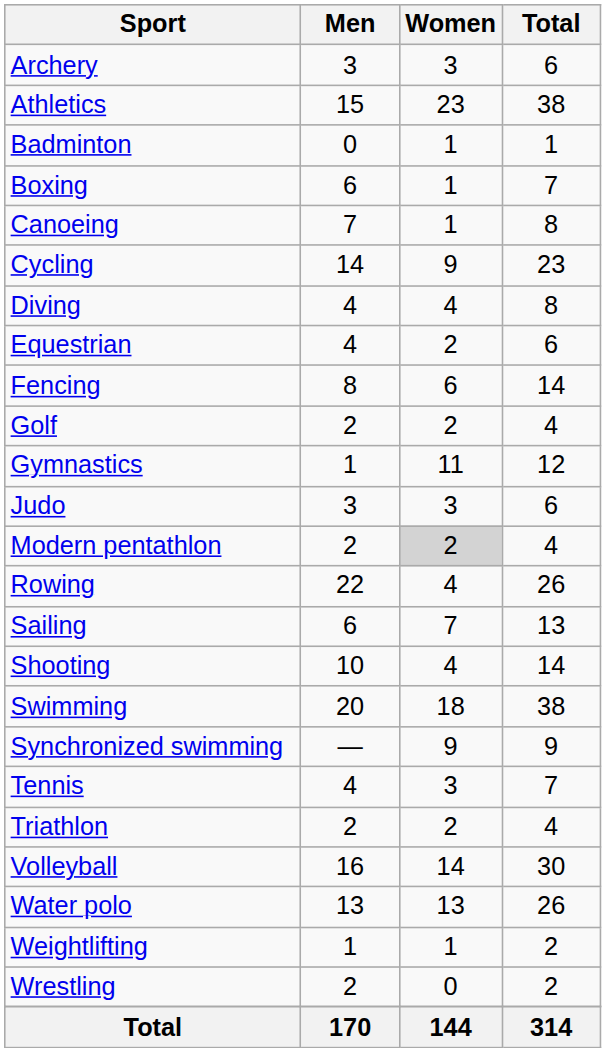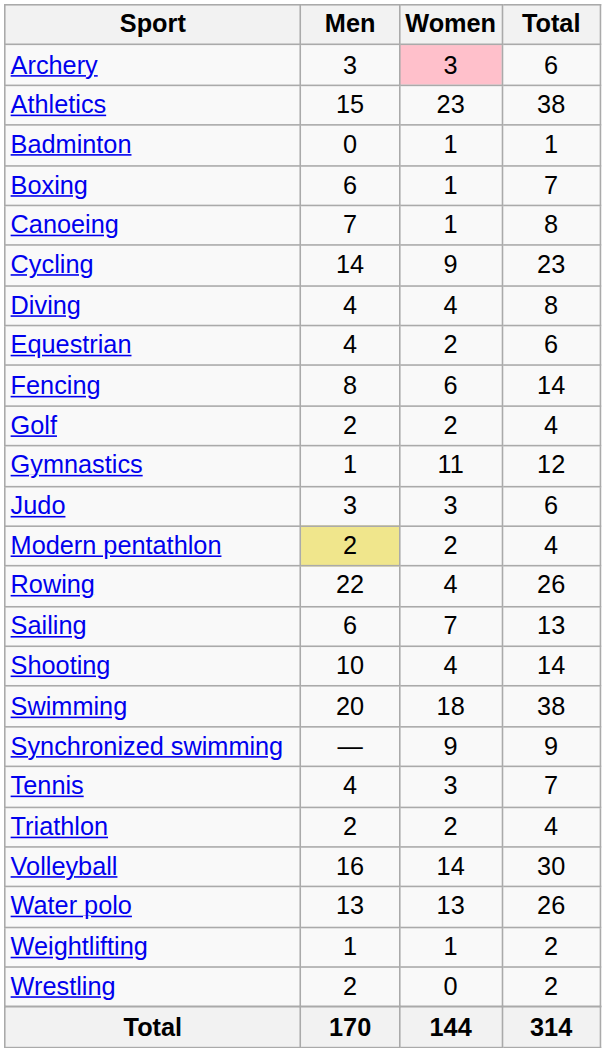 <table class="wikitable sortable" style="text-align:center;">
 <tr>
 <th width=180>Sport</th>
 <th width=55>Men</th>
 <th width=55>Women</th>
 <th width=55>Total</th>
 </tr>
 <tr>
 <td align=left><a href='#'>Archery</a></td>
 <td>3</td>
-<td>3</td>
+<td style="background: pink;">3</td>
 <td>6</td>
 </tr>
 <tr>
 <td align=left><a href='#'>Athletics</a></td>
 <td>15</td>
 <td>23</td>
 <td>38</td>
 </tr>
 <tr>
 <td align=left><a href='#'>Badminton</a></td>
 <td>0</td>
 <td>1</td>
 <td>1</td>
 </tr>
 <tr>
 <td align=left><a href='#'>Boxing</a></td>
 <td>6</td>
 <td>1</td>
 <td>7</td>
 </tr>
 <tr>
 <td align=left><a href='#'>Canoeing</a></td>
 <td>7</td>
 <td>1</td>
 <td>8</td>
 </tr>
 <tr>
 <td align=left><a href='#'>Cycling</a></td>
 <td>14</td>
 <td>9</td>
 <td>23</td>
 </tr>
 <tr>
 <td align=left><a href='#'>Diving</a></td>
 <td>4</td>
 <td>4</td>
 <td>8</td>
 </tr>
 <tr>
 <td align=left><a href='#'>Equestrian</a></td>
 <td>4</td>
 <td>2</td>
 <td>6</td>
 </tr>
 <tr>
 <td align=left><a href='#'>Fencing</a></td>
 <td>8</td>
 <td>6</td>
 <td>14</td>
 </tr>
 <tr>
 <td align=left><a href='#'>Golf</a></td>
 <td>2</td>
 <td>2</td>
 <td>4</td>
 </tr>
 <tr>
 <td align=left><a href='#'>Gymnastics</a></td>
 <td>1</td>
 <td>11</td>
 <td>12</td>
 </tr>
 <tr>
 <td align=left><a href='#'>Judo</a></td>
 <td>3</td>
 <td>3</td>
 <td>6</td>
 </tr>
 <tr>
 <td align=left><a href='#'>Modern pentathlon</a></td>
+<td style="background: khaki;">2</td>
 <td>2</td>
-<td style="background: lightgrey;">2</td>
 <td>4</td>
 </tr>
 <tr>
 <td align=left><a href='#'>Rowing</a></td>
 <td>22</td>
 <td>4</td>
 <td>26</td>
 </tr>
 <tr>
 <td align=left><a href='#'>Sailing</a></td>
 <td>6</td>
 <td>7</td>
 <td>13</td>
 </tr>
 <tr>
 <td align=left><a href='#'>Shooting</a></td>
 <td>10</td>
 <td>4</td>
 <td>14</td>
 </tr>
 <tr>
 <td align=left><a href='#'>Swimming</a></td>
 <td>20</td>
 <td>18</td>
 <td>38</td>
 </tr>
 <tr>
 <td align=left><a href='#'>Synchronized swimming</a></td>
 <td>—</td>
 <td>9</td>
 <td>9</td>
 </tr>
 <tr>
 <td align=left><a href='#'>Tennis</a></td>
 <td>4</td>
 <td>3</td>
 <td>7</td>
 </tr>
 <tr>
 <td align=left><a href='#'>Triathlon</a></td>
 <td>2</td>
 <td>2</td>
 <td>4</td>
 </tr>
 <tr>
 <td align=left><a href='#'>Volleyball</a></td>
 <td>16</td>
 <td>14</td>
 <td>30</td>
 </tr>
 <tr>
 <td align=left><a href='#'>Water polo</a></td>
 <td>13</td>
 <td>13</td>
 <td>26</td>
 </tr>
 <tr>
 <td align=left><a href='#'>Weightlifting</a></td>
 <td>1</td>
 <td>1</td>
 <td>2</td>
 </tr>
 <tr>
 <td align=left><a href='#'>Wrestling</a></td>
 <td>2</td>
 <td>0</td>
 <td>2</td>
 </tr>
 <tr>
 </tr>
 <tr class="sortbottom">
 <th>Total</th>
 <th>170</th>
 <th>144</th>
 <th>314</th>
 </tr>
 </table>
